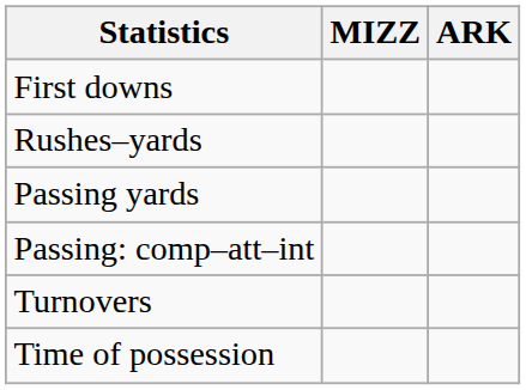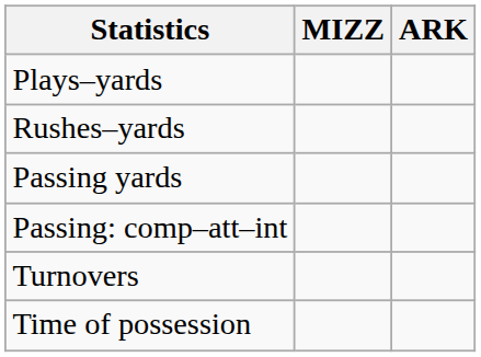 <table class="wikitable" style="float:left">
 <tr>
 <th>Statistics</th>
 <th>MIZZ</th>
 <th>ARK</th>
 </tr>
 <tr>
-<td>First downs</td>
+<td>Plays–yards</td>
 <td></td>
 <td></td>
 </tr>
 <tr>
 <td>Rushes–yards</td>
 <td></td>
 <td></td>
 </tr>
 <tr>
 <td>Passing yards</td>
 <td></td>
 <td></td>
 </tr>
 <tr>
 <td>Passing: comp–att–int</td>
 <td></td>
 <td></td>
 </tr>
 <tr>
 <td>Turnovers</td>
 <td></td>
 <td></td>
 </tr>
 <tr>
 <td>Time of possession</td>
 <td></td>
 <td></td>
 </tr>
 </table>
